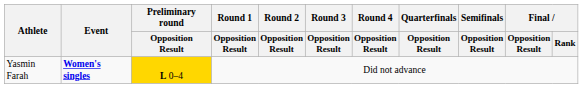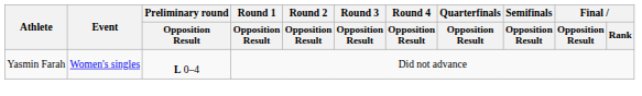 <table class="wikitable" border="1" style="font-size:90%">
 <tr>
 <th rowspan=2>Athlete</th>
 <th rowspan=2>Event</th>
 <th>Preliminary round</th>
 <th>Round 1</th>
 <th>Round 2</th>
 <th>Round 3</th>
 <th>Round 4</th>
 <th>Quarterfinals</th>
 <th>Semifinals</th>
 <th colspan=2>Final / </th>
 </tr>
 <tr style="font-size:95%">
 <th>Opposition<br>Result</th>
 <th>Opposition<br>Result</th>
 <th>Opposition<br>Result</th>
 <th>Opposition<br>Result</th>
 <th>Opposition<br>Result</th>
 <th>Opposition<br>Result</th>
 <th>Opposition<br>Result</th>
 <th>Opposition<br>Result</th>
 <th>Rank</th>
 </tr>
 <tr align=center>
 <td align=left>Yasmin Farah</td>
-<td align=left><strong><a href='#'>Women's singles</a></strong></td>
-<td style="background: gold;"><br><strong>L</strong> 0–4</td>
+<td align=left><a href='#'>Women's singles</a></td>
+<td><br><strong>L</strong> 0–4</td>
 <td colspan=8>Did not advance</td>
 </tr>
 </table>
